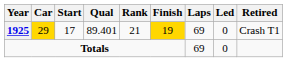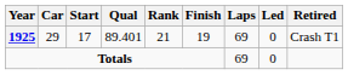 <table class="wikitable" style="text-align:center">
 <tr>
 <th>Year</th>
 <th>Car</th>
 <th>Start</th>
 <th>Qual</th>
 <th>Rank</th>
 <th>Finish</th>
 <th>Laps</th>
 <th>Led</th>
 <th>Retired</th>
 </tr>
 <tr>
 <th><a href='#'>1925</a></th>
-<td style="background: gold;">29</td>
+<td>29</td>
 <td>17</td>
 <td>89.401</td>
 <td>21</td>
-<td style="background: gold;">19</td>
+<td>19</td>
 <td>69</td>
 <td>0</td>
 <td>Crash T1</td>
 </tr>
 <tr>
 <td colspan=6><strong>Totals</strong></td>
 <td>69</td>
 <td>0</td>
 <td></td>
 </tr>
 </table>
